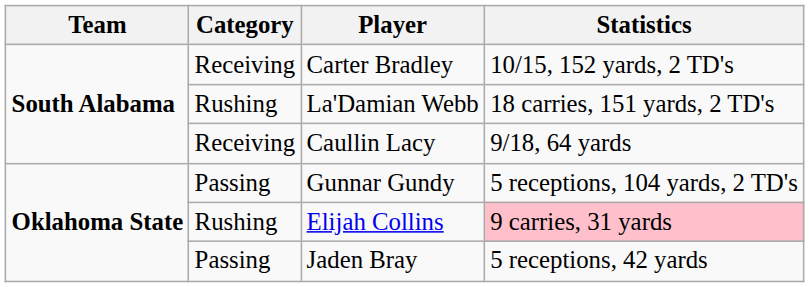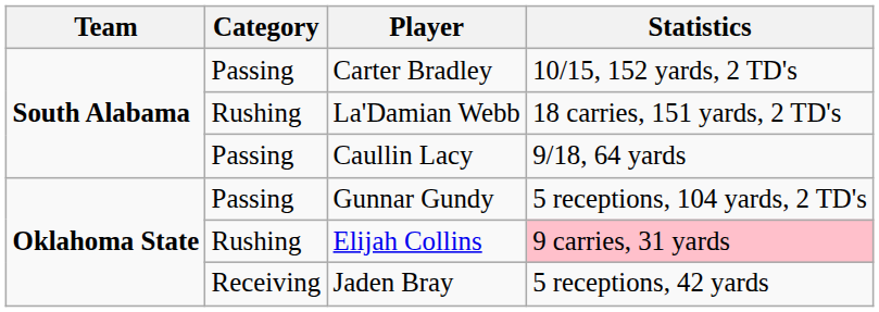 <table class="wikitable" style="float: right;">
 <tr>
 <th>Team</th>
 <th>Category</th>
 <th>Player</th>
 <th>Statistics</th>
 </tr>
 <tr>
 <td rowspan=3><strong>South Alabama</strong></td>
-<td>Receiving</td>
+<td>Passing</td>
 <td>Carter Bradley</td>
 <td>10/15, 152 yards, 2 TD's</td>
 </tr>
 <tr>
 <td>Rushing</td>
 <td>La'Damian Webb</td>
 <td>18 carries, 151 yards, 2 TD's</td>
 </tr>
 <tr>
-<td>Receiving</td>
+<td>Passing</td>
 <td>Caullin Lacy</td>
 <td>9/18, 64 yards</td>
 </tr>
 <tr>
 <td rowspan=3><strong>Oklahoma State</strong></td>
 <td>Passing</td>
 <td>Gunnar Gundy</td>
 <td>5 receptions, 104 yards, 2 TD's</td>
 </tr>
 <tr>
 <td>Rushing</td>
 <td><a href='#'>Elijah Collins</a></td>
 <td style="background: pink;">9 carries, 31 yards</td>
 </tr>
 <tr>
-<td>Passing</td>
+<td>Receiving</td>
 <td>Jaden Bray</td>
 <td>5 receptions, 42 yards</td>
 </tr>
 </table>
